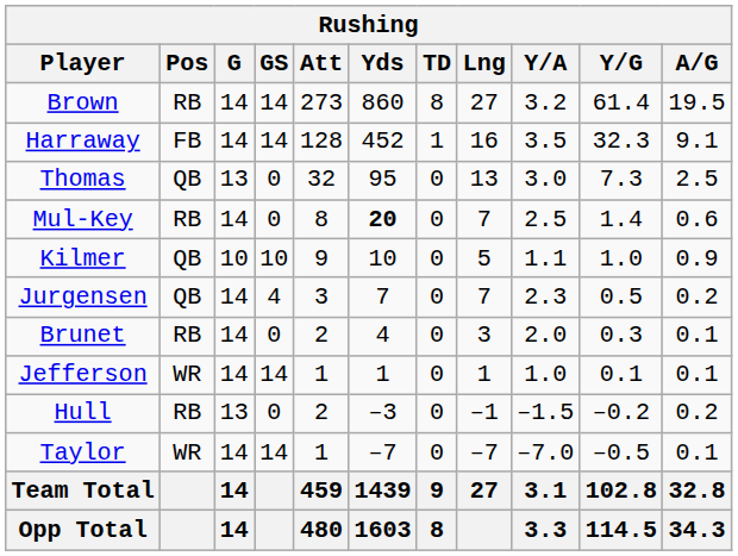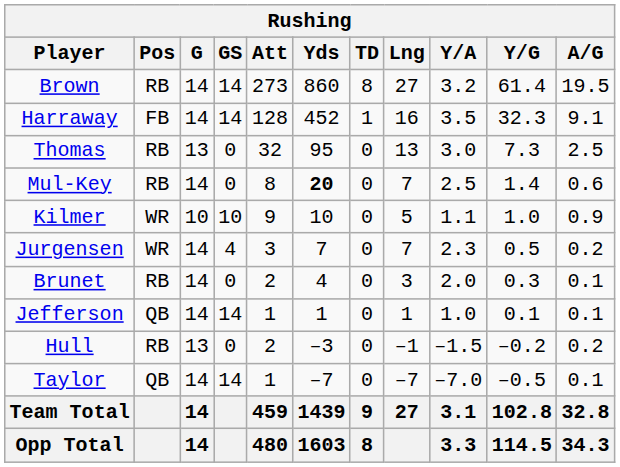 <table class="wikitable" style="text-align:center">
 <tr>
 <th colspan="11">Rushing</th>
 </tr>
 <tr>
 <th>Player</th>
 <th>Pos</th>
 <th>G</th>
 <th>GS</th>
 <th>Att</th>
 <th>Yds</th>
 <th>TD</th>
 <th>Lng</th>
 <th>Y/A</th>
 <th>Y/G</th>
 <th>A/G</th>
 </tr>
 <tr>
 <td><a href='#'>Brown</a></td>
 <td>RB</td>
 <td>14</td>
 <td>14</td>
 <td>273</td>
 <td>860</td>
 <td>8</td>
 <td>27</td>
 <td>3.2</td>
 <td>61.4</td>
 <td>19.5</td>
 </tr>
 <tr>
 <td><a href='#'>Harraway</a></td>
 <td>FB</td>
 <td>14</td>
 <td>14</td>
 <td>128</td>
 <td>452</td>
 <td>1</td>
 <td>16</td>
 <td>3.5</td>
 <td>32.3</td>
 <td>9.1</td>
 </tr>
 <tr>
 <td><a href='#'>Thomas</a></td>
-<td>QB</td>
+<td>RB</td>
 <td>13</td>
 <td>0</td>
 <td>32</td>
 <td>95</td>
 <td>0</td>
 <td>13</td>
 <td>3.0</td>
 <td>7.3</td>
 <td>2.5</td>
 </tr>
 <tr>
 <td><a href='#'>Mul-Key</a></td>
 <td>RB</td>
 <td>14</td>
 <td>0</td>
 <td>8</td>
 <td><strong>20</strong></td>
 <td>0</td>
 <td>7</td>
 <td>2.5</td>
 <td>1.4</td>
 <td>0.6</td>
 </tr>
 <tr>
 <td><a href='#'>Kilmer</a></td>
-<td>QB</td>
+<td>WR</td>
 <td>10</td>
 <td>10</td>
 <td>9</td>
 <td>10</td>
 <td>0</td>
 <td>5</td>
 <td>1.1</td>
 <td>1.0</td>
 <td>0.9</td>
 </tr>
 <tr>
 <td><a href='#'>Jurgensen</a></td>
-<td>QB</td>
+<td>WR</td>
 <td>14</td>
 <td>4</td>
 <td>3</td>
 <td>7</td>
 <td>0</td>
 <td>7</td>
 <td>2.3</td>
 <td>0.5</td>
 <td>0.2</td>
 </tr>
 <tr>
 <td><a href='#'>Brunet</a></td>
 <td>RB</td>
 <td>14</td>
 <td>0</td>
 <td>2</td>
 <td>4</td>
 <td>0</td>
 <td>3</td>
 <td>2.0</td>
 <td>0.3</td>
 <td>0.1</td>
 </tr>
 <tr>
 <td><a href='#'>Jefferson</a></td>
-<td>WR</td>
+<td>QB</td>
 <td>14</td>
 <td>14</td>
 <td>1</td>
 <td>1</td>
 <td>0</td>
 <td>1</td>
 <td>1.0</td>
 <td>0.1</td>
 <td>0.1</td>
 </tr>
 <tr>
 <td><a href='#'>Hull</a></td>
 <td>RB</td>
 <td>13</td>
 <td>0</td>
 <td>2</td>
 <td>–3</td>
 <td>0</td>
 <td>–1</td>
 <td>–1.5</td>
 <td>–0.2</td>
 <td>0.2</td>
 </tr>
 <tr>
 <td><a href='#'>Taylor</a></td>
-<td>WR</td>
+<td>QB</td>
 <td>14</td>
 <td>14</td>
 <td>1</td>
 <td>–7</td>
 <td>0</td>
 <td>–7</td>
 <td>–7.0</td>
 <td>–0.5</td>
 <td>0.1</td>
 </tr>
 <tr>
 <th>Team Total</th>
 <th></th>
 <th>14</th>
 <th></th>
 <th>459</th>
 <th>1439</th>
 <th>9</th>
 <th>27</th>
 <th>3.1</th>
 <th>102.8</th>
 <th>32.8</th>
 </tr>
 <tr>
 <th>Opp Total</th>
 <th></th>
 <th>14</th>
 <th></th>
 <th>480</th>
 <th>1603</th>
 <th>8</th>
 <th></th>
 <th>3.3</th>
 <th>114.5</th>
 <th>34.3</th>
 </tr>
 </table>
